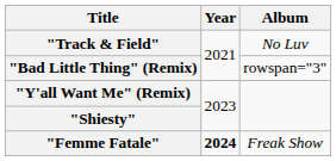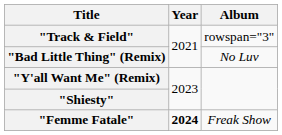 <table class="wikitable plainrowheaders" style="text-align:center;">
 <tr>
 <th>Title</th>
 <th>Year</th>
 <th>Album</th>
 </tr>
 <tr>
 <th scope="row">"Track & Field"<br></th>
 <td rowspan="2">2021</td>
-<td><em>No Luv</em></td>
+<td>rowspan="3" </td>
 </tr>
 <tr>
 <th scope="row">"Bad Little Thing" (Remix)<br></th>
-<td>rowspan="3" </td>
+<td><em>No Luv</em></td>
 </tr>
 <tr>
 <th scope="row">"Y'all Want Me" (Remix)<br></th>
 <td rowspan="2">2023</td>
 </tr>
 <tr>
 <th scope="row">"Shiesty"<br></th>
 </tr>
 <tr>
 <th scope="row">"Femme Fatale"<br></th>
 <td><strong>2024</strong></td>
 <td><em>Freak Show</em></td>
 </tr>
 </table>
